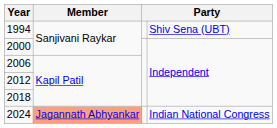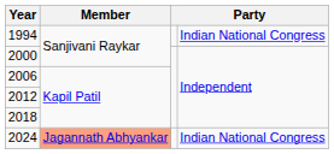 <table class="wikitable">
 <tr>
 <th>Year</th>
 <th>Member</th>
 <th colspan="2">Party</th>
 </tr>
 <tr>
 <td>1994</td>
 <td rowspan="2">Sanjivani Raykar</td>
 <td style="background-color: "></td>
-<td><a href='#'>Shiv Sena (UBT)</a></td>
+<td><a href='#'>Indian National Congress</a></td>
 </tr>
 <tr>
 <td>2000</td>
 <td rowspan="4" style="background-color: "></td>
 <td rowspan="4"><a href='#'>Independent</a></td>
 </tr>
 <tr>
 <td>2006</td>
 <td rowspan="3"><a href='#'>Kapil Patil</a></td>
 </tr>
 <tr>
 <td>2012</td>
 </tr>
 <tr>
 <td>2018</td>
 </tr>
 <tr>
 <td>2024</td>
 <td style="background: lightsalmon;"><a href='#'>Jagannath Abhyankar</a></td>
 <td style="background-color: "></td>
 <td><a href='#'>Indian National Congress</a></td>
 </tr>
 </table>
